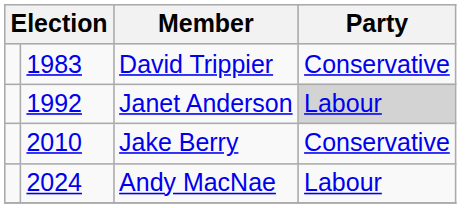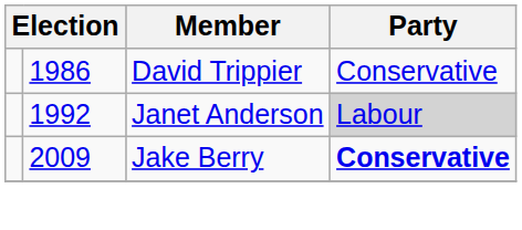 <table class="wikitable">
 <tr>
 <th colspan="2">Election</th>
 <th>Member</th>
 <th>Party</th>
 </tr>
 <tr>
 <td style="color:inherit;background-color: "></td>
-<td><a href='#'>1983</a></td>
+<td><a href='#'>1986</a></td>
 <td><a href='#'>David Trippier</a></td>
 <td><a href='#'>Conservative</a></td>
 </tr>
 <tr>
 <td style="color:inherit;background-color: "></td>
 <td><a href='#'>1992</a></td>
 <td><a href='#'>Janet Anderson</a></td>
 <td style="background: lightgrey;"><a href='#'>Labour</a></td>
 </tr>
 <tr>
 <td style="color:inherit;background-color: "></td>
-<td><a href='#'>2010</a></td>
+<td><a href='#'>2009</a></td>
 <td><a href='#'>Jake Berry</a></td>
-<td><a href='#'>Conservative</a></td>
-</tr>
-<tr>
-<td style="color:inherit;background-color: "></td>
-<td><a href='#'>2024</a></td>
-<td><a href='#'>Andy MacNae</a></td>
-<td><a href='#'>Labour</a></td>
+<td><strong><a href='#'>Conservative</a></strong></td>
 </tr>
 <tr>
 </tr>
 </table>
